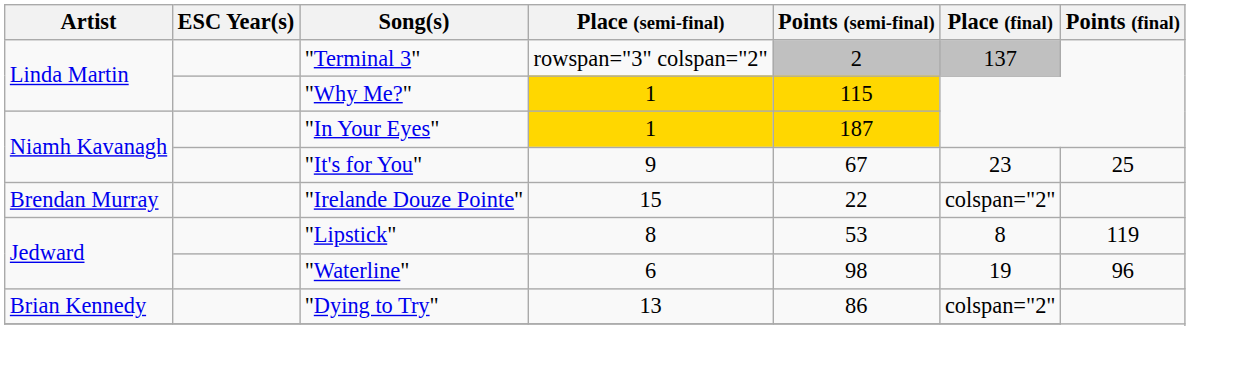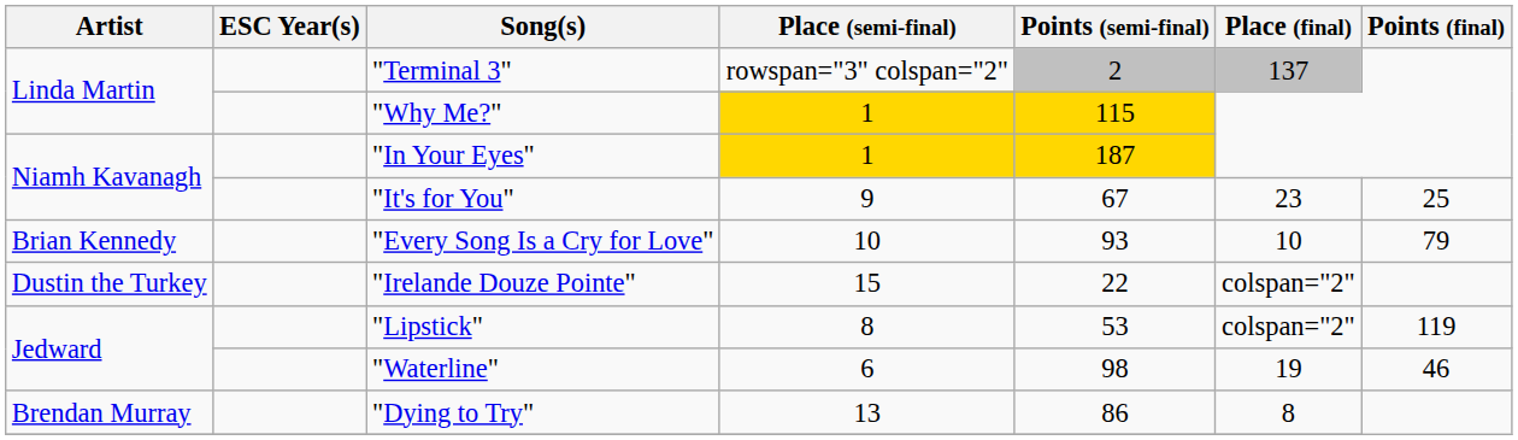 <table class="wikitable">
 <tr>
 <th>Artist</th>
 <th>ESC Year(s)</th>
 <th>Song(s)</th>
 <th>Place <small>(semi-final)</small></th>
 <th>Points <small>(semi-final)</small></th>
 <th>Place <small>(final)</small></th>
 <th>Points <small>(final)</small></th>
 </tr>
 <tr>
 <td rowspan="2"><a href='#'>Linda Martin</a></td>
 <td align=center></td>
 <td>"<a href='#'>Terminal 3</a>"</td>
 <td>rowspan="3" colspan="2" </td>
 <td bgcolor="silver" align=center>2</td>
 <td bgcolor="silver" align=center>137</td>
 </tr>
 <tr>
 <td align=center></td>
 <td>"<a href='#'>Why Me?</a>"</td>
 <td bgcolor="gold" align=center>1</td>
 <td bgcolor="gold" align=center>115</td>
 </tr>
 <tr>
 <td rowspan="2"><a href='#'>Niamh Kavanagh</a></td>
 <td align=center></td>
 <td>"<a href='#'>In Your Eyes</a>"</td>
 <td bgcolor="gold" align=center>1</td>
 <td bgcolor="gold" align=center>187</td>
 </tr>
 <tr>
 <td align=center></td>
 <td>"<a href='#'>It's for You</a>"</td>
 <td align=center>9</td>
 <td align=center>67</td>
 <td align=center>23</td>
 <td align=center>25</td>
 </tr>
 <tr>
-<td><a href='#'>Brendan Murray</a></td>
+<td><a href='#'>Brian Kennedy</a></td>
+<td align=center></td>
+<td>"<a href='#'>Every Song Is a Cry for Love</a>"</td>
+<td align=center>10</td>
+<td align=center>93</td>
+<td align=center>10</td>
+<td align=center>79</td>
+</tr>
+<tr>
+<td><a href='#'>Dustin the Turkey</a></td>
 <td align=center></td>
 <td>"<a href='#'>Irelande Douze Pointe</a>"</td>
 <td align=center>15</td>
 <td align=center>22</td>
 <td>colspan="2" </td>
 </tr>
 <tr>
 <td rowspan="2"><a href='#'>Jedward</a></td>
 <td align=center></td>
 <td>"<a href='#'>Lipstick</a>"</td>
 <td align=center>8</td>
 <td align=center>53</td>
-<td align=center>8</td>
+<td>colspan="2" </td>
 <td align=center>119</td>
 </tr>
 <tr>
 <td align=center></td>
 <td>"<a href='#'>Waterline</a>"</td>
 <td align=center>6</td>
 <td align=center>98</td>
 <td align=center>19</td>
-<td align=center>96</td>
+<td align=center>46</td>
 </tr>
 <tr>
-<td><a href='#'>Brian Kennedy</a></td>
+<td><a href='#'>Brendan Murray</a></td>
 <td align=center></td>
 <td>"<a href='#'>Dying to Try</a>"</td>
 <td align=center>13</td>
 <td align=center>86</td>
-<td>colspan="2" </td>
+<td align=center>8</td>
 </tr>
 <tr>
 </tr>
 </table>
